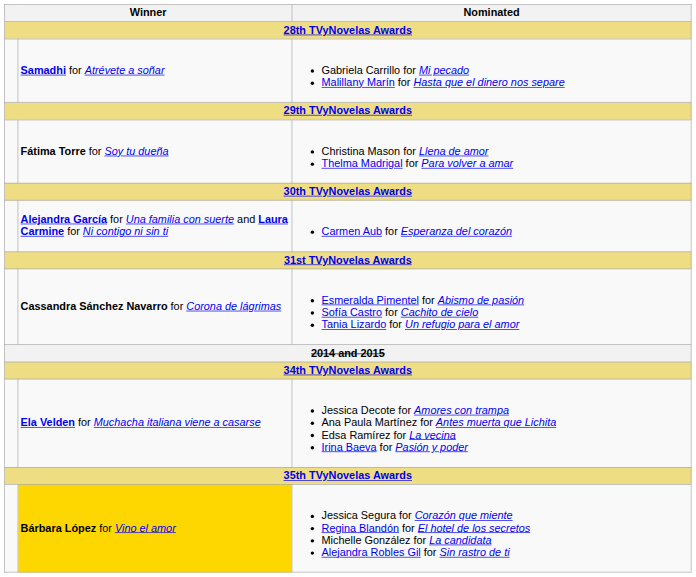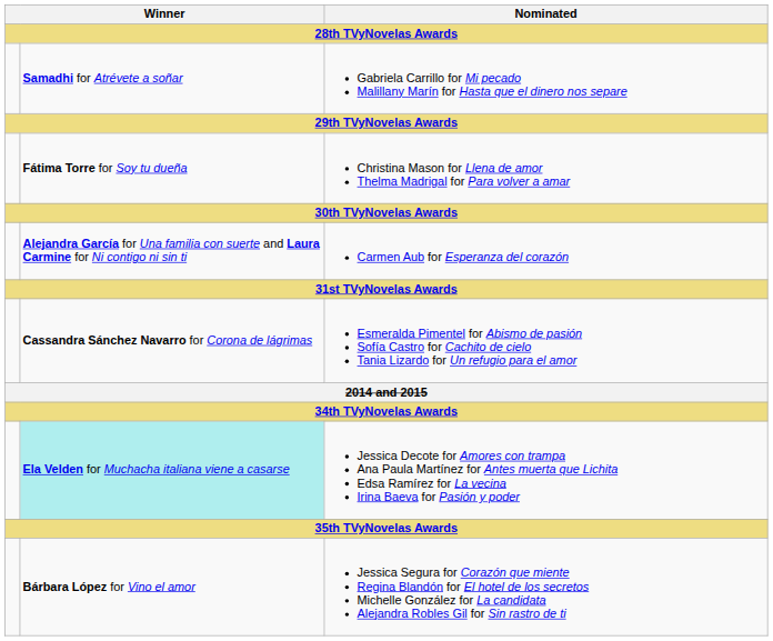 <table class="wikitable" width=80%>
 <tr align=center>
 <th width="150px;" colspan=2; align="center">Winner</th>
 <th width="580px;" align="center">Nominated</th>
 </tr>
 <tr>
 <th colspan=9 style="background:#EEDD82;"  align="center"><strong><a href='#'>28th TVyNovelas Awards</a></strong></th>
 </tr>
 <tr>
 <td width=2%></td>
 <td><strong><a href='#'>Samadhi</a></strong> for <em><a href='#'>Atrévete a soñar</a></em></td>
 <td><br><ul><li>Gabriela Carrillo for <em><a href='#'>Mi pecado</a></em></li><li><a href='#'>Malillany Marín</a> for <em><a href='#'>Hasta que el dinero nos separe</a></em></li></ul></td>
 </tr>
 <tr>
 <th colspan=9 style="background:#EEDD82;"  align="center"><strong><a href='#'>29th TVyNovelas Awards</a></strong></th>
 </tr>
 <tr>
 <td width=2%></td>
 <td><strong>Fátima Torre</strong> for <em><a href='#'>Soy tu dueña</a></em></td>
 <td><br><ul><li>Christina Mason for <em><a href='#'>Llena de amor</a></em></li><li><a href='#'>Thelma Madrigal</a> for <em><a href='#'>Para volver a amar</a></em></li></ul></td>
 </tr>
 <tr>
 <th colspan=9 style="background:#EEDD82;"  align="center"><strong><a href='#'>30th TVyNovelas Awards</a></strong></th>
 </tr>
 <tr>
 <td width=2%></td>
 <td><strong><a href='#'>Alejandra García</a></strong> for <em><a href='#'>Una familia con suerte</a></em> and <strong><a href='#'>Laura Carmine</a></strong> for <em><a href='#'>Ni contigo ni sin ti</a></em></td>
 <td><br><ul><li><a href='#'>Carmen Aub</a> for <em><a href='#'>Esperanza del corazón</a></em></li></ul></td>
 </tr>
 <tr>
 <th colspan=9 style="background:#EEDD82;"  align="center"><strong><a href='#'>31st TVyNovelas Awards</a></strong></th>
 </tr>
 <tr>
 <td width=2%></td>
 <td><strong>Cassandra Sánchez Navarro</strong> for <em><a href='#'>Corona de lágrimas</a></em></td>
 <td><br><ul><li><a href='#'>Esmeralda Pimentel</a> for <em><a href='#'>Abismo de pasión</a></em></li><li><a href='#'>Sofía Castro</a> for <em><a href='#'>Cachito de cielo</a></em></li><li><a href='#'>Tania Lizardo</a> for <em><a href='#'>Un refugio para el amor</a></em></li></ul></td>
 </tr>
 <tr>
 <th colspan=9 align="center"><s>2014 and 2015</s></th>
 </tr>
 <tr>
 <th colspan=9 style="background:#EEDD82;"  align="center"><strong><a href='#'>34th TVyNovelas Awards</a></strong></th>
 </tr>
 <tr>
 <td width=2%></td>
-<td><strong><a href='#'>Ela Velden</a></strong> for <em><a href='#'>Muchacha italiana viene a casarse</a></em></td>
+<td style="background: paleturquoise;"><strong><a href='#'>Ela Velden</a></strong> for <em><a href='#'>Muchacha italiana viene a casarse</a></em></td>
 <td><br><ul><li>Jessica Decote for <em><a href='#'>Amores con trampa</a></em></li><li>Ana Paula Martínez for <em><a href='#'>Antes muerta que Lichita</a></em></li><li>Edsa Ramírez for <em><a href='#'>La vecina</a></em></li><li><a href='#'>Irina Baeva</a> for <em><a href='#'>Pasión y poder</a></em></li></ul></td>
 </tr>
 <tr>
 <th colspan=9 style="background:#EEDD82;"  align="center"><strong><a href='#'>35th TVyNovelas Awards</a></strong></th>
 </tr>
 <tr>
 <td width=2%></td>
-<td style="background: gold;"><strong>Bárbara López</strong> for <em><a href='#'>Vino el amor</a></em></td>
+<td><strong>Bárbara López</strong> for <em><a href='#'>Vino el amor</a></em></td>
 <td><br><ul><li>Jessica Segura for <em><a href='#'>Corazón que miente</a></em></li><li><a href='#'>Regina Blandón</a> for <em><a href='#'>El hotel de los secretos</a></em></li><li>Michelle González for <em><a href='#'>La candidata</a></em></li><li><a href='#'>Alejandra Robles Gil</a> for <em><a href='#'>Sin rastro de ti</a></em></li></ul></td>
 </tr>
 </table>
